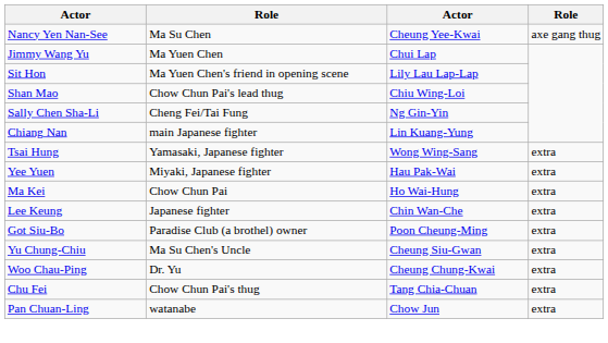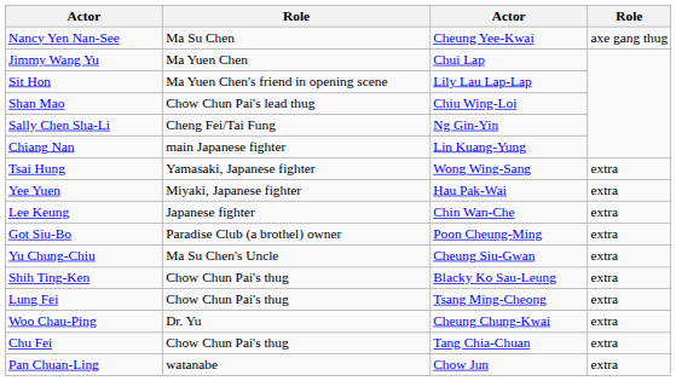 <table class=wikitable>
 <tr>
 <th bgcolor="lightblue">Actor</th>
 <th bgcolor="Pink">Role</th>
 <th bgcolor="lightblue">Actor</th>
 <th bgcolor="Pink">Role</th>
 </tr>
 <tr>
 <td style="width:11em"><a href='#'>Nancy Yen Nan-See</a></td>
 <td style="width:19em">Ma Su Chen</td>
 <td><a href='#'>Cheung Yee-Kwai</a></td>
 <td>axe gang thug</td>
 </tr>
 <tr>
 <td><a href='#'>Jimmy Wang Yu</a></td>
 <td>Ma Yuen Chen</td>
 <td style="width:11em"><a href='#'>Chui Lap</a></td>
 </tr>
 <tr>
 <td><a href='#'>Sit Hon</a></td>
 <td>Ma Yuen Chen's friend in opening scene</td>
 <td><a href='#'>Lily Lau Lap-Lap</a></td>
 </tr>
 <tr>
 <td><a href='#'>Shan Mao</a></td>
 <td>Chow Chun Pai's lead thug</td>
 <td><a href='#'>Chiu Wing-Loi</a></td>
 </tr>
 <tr>
 <td><a href='#'>Sally Chen Sha-Li</a></td>
 <td>Cheng Fei/Tai Fung</td>
 <td><a href='#'>Ng Gin-Yin</a></td>
 </tr>
 <tr>
 <td><a href='#'>Chiang Nan</a></td>
 <td>main Japanese fighter</td>
 <td><a href='#'>Lin Kuang-Yung</a></td>
 </tr>
 <tr>
 <td><a href='#'>Tsai Hung</a></td>
 <td>Yamasaki, Japanese fighter</td>
 <td><a href='#'>Wong Wing-Sang</a></td>
 <td>extra</td>
 </tr>
 <tr>
 <td><a href='#'>Yee Yuen</a></td>
 <td>Miyaki, Japanese fighter</td>
 <td><a href='#'>Hau Pak-Wai</a></td>
 <td>extra</td>
 </tr>
 <tr>
-<td><a href='#'>Ma Kei</a></td>
-<td>Chow Chun Pai</td>
-<td><a href='#'>Ho Wai-Hung</a></td>
-<td>extra</td>
-</tr>
-<tr>
 <td><a href='#'>Lee Keung</a></td>
 <td>Japanese fighter</td>
 <td><a href='#'>Chin Wan-Che</a></td>
 <td>extra</td>
 </tr>
 <tr>
 <td><a href='#'>Got Siu-Bo</a></td>
 <td>Paradise Club (a brothel) owner</td>
 <td><a href='#'>Poon Cheung-Ming</a></td>
 <td>extra</td>
 </tr>
 <tr>
 <td><a href='#'>Yu Chung-Chiu</a></td>
 <td>Ma Su Chen's Uncle</td>
 <td><a href='#'>Cheung Siu-Gwan</a></td>
+<td>extra</td>
+</tr>
+<tr>
+<td><a href='#'>Shih Ting-Ken</a></td>
+<td>Chow Chun Pai's thug</td>
+<td><a href='#'>Blacky Ko Sau-Leung</a></td>
+<td>extra</td>
+</tr>
+<tr>
+<td><a href='#'>Lung Fei</a></td>
+<td>Chow Chun Pai's thug</td>
+<td><a href='#'>Tsang Ming-Cheong</a></td>
 <td>extra</td>
 </tr>
 <tr>
 <td><a href='#'>Woo Chau-Ping</a></td>
 <td>Dr. Yu</td>
 <td><a href='#'>Cheung Chung-Kwai</a></td>
 <td>extra</td>
 </tr>
 <tr>
 <td><a href='#'>Chu Fei</a></td>
 <td>Chow Chun Pai's thug</td>
 <td><a href='#'>Tang Chia-Chuan</a></td>
 <td>extra</td>
 </tr>
 <tr>
 <td><a href='#'>Pan Chuan-Ling</a></td>
 <td>watanabe</td>
 <td><a href='#'>Chow Jun</a></td>
 <td>extra</td>
 </tr>
 </table>
